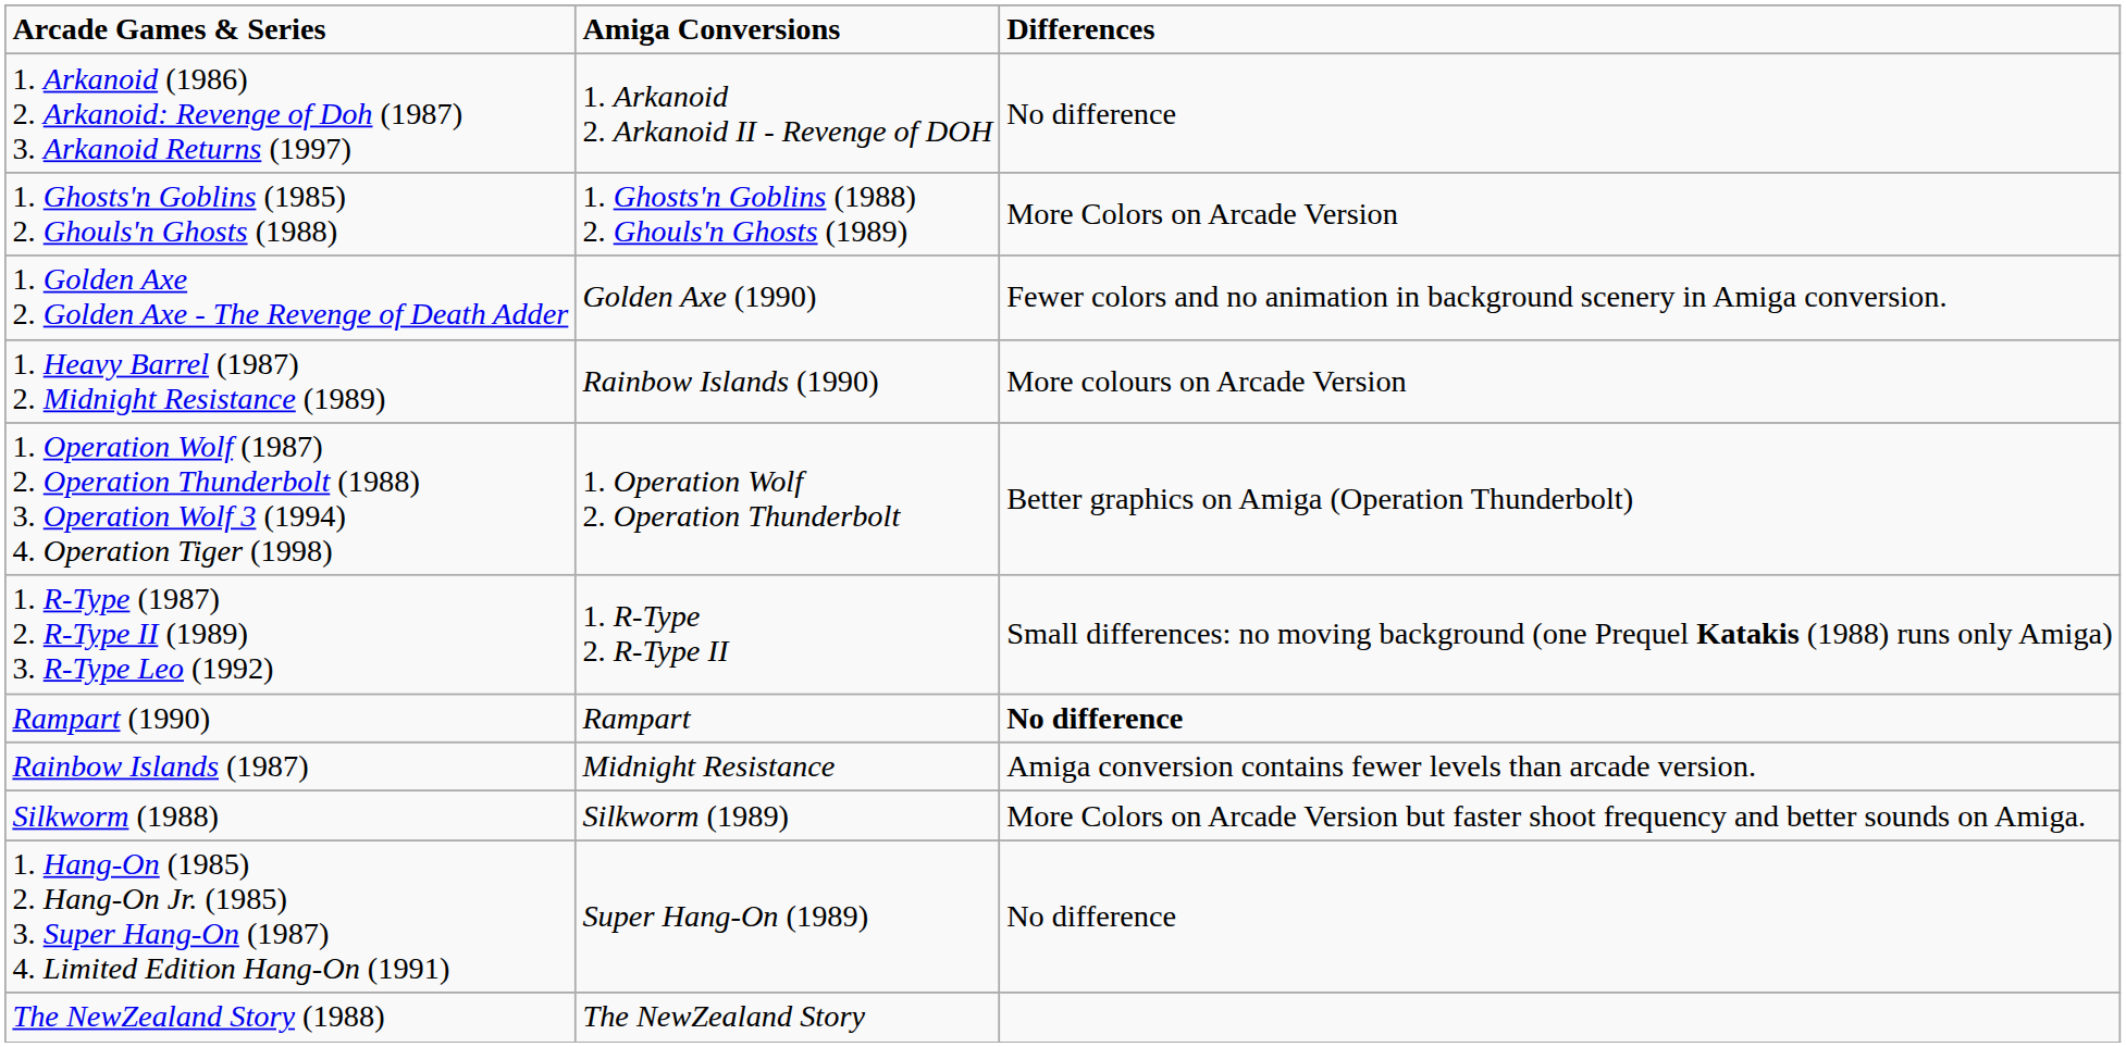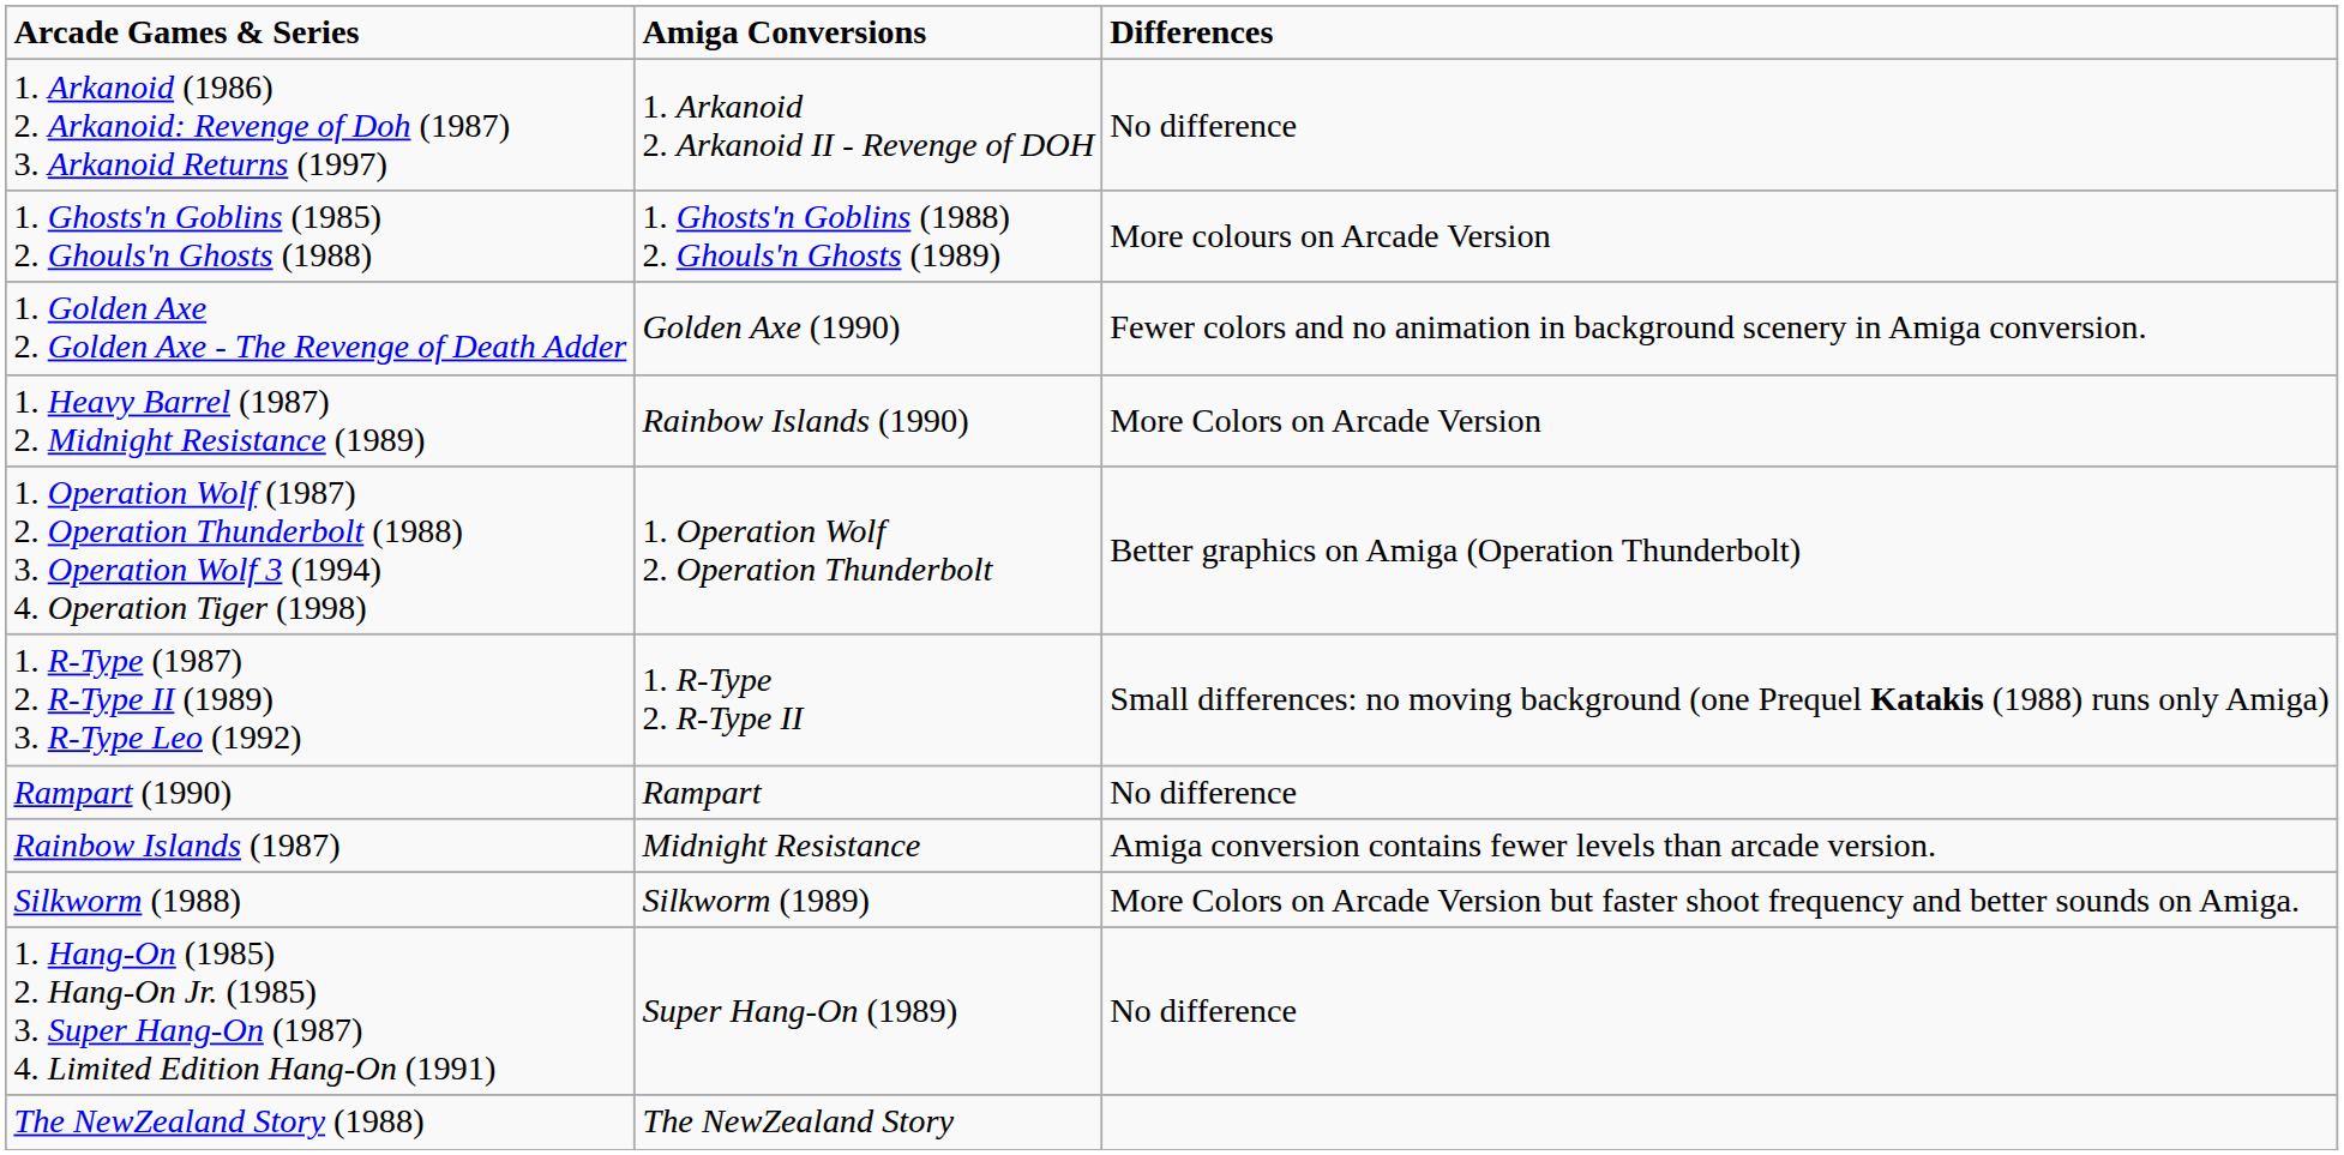 <table class="wikitable">
 <tr>
 <td><strong>Arcade Games & Series</strong></td>
 <td><strong>Amiga Conversions</strong></td>
 <td><strong>Differences</strong></td>
 </tr>
 <tr>
 <td>1. <em><a href='#'>Arkanoid</a></em> (1986)<br>2. <em><a href='#'>Arkanoid: Revenge of Doh</a></em> (1987)<br> 3. <em><a href='#'>Arkanoid Returns</a></em> (1997)</td>
 <td>1. <em>Arkanoid</em><br>2. <em>Arkanoid II - Revenge of DOH</em></td>
 <td>No difference</td>
 </tr>
 <tr>
 <td>1. <em><a href='#'>Ghosts'n Goblins</a></em> (1985)<br>2. <em><a href='#'>Ghouls'n Ghosts</a></em> (1988)</td>
 <td>1. <em><a href='#'>Ghosts'n Goblins</a></em> (1988)<br>2. <em><a href='#'>Ghouls'n Ghosts</a></em> (1989)</td>
-<td>More Colors on Arcade Version</td>
+<td>More colours on Arcade Version</td>
 </tr>
 <tr>
 <td>1. <em><a href='#'>Golden Axe</a></em><br>2. <em><a href='#'>Golden Axe - The Revenge of Death Adder</a></em></td>
 <td><em>Golden Axe</em> (1990)</td>
 <td>Fewer colors and no animation in background scenery in Amiga conversion.</td>
 </tr>
 <tr>
 <td>1. <em><a href='#'>Heavy Barrel</a></em> (1987)<br>2. <em><a href='#'>Midnight Resistance</a></em> (1989)</td>
 <td><em>Rainbow Islands</em> (1990)</td>
-<td>More colours on Arcade Version</td>
+<td>More Colors on Arcade Version</td>
 </tr>
 <tr>
 <td>1. <em><a href='#'>Operation Wolf</a></em> (1987)<br>2. <em><a href='#'>Operation Thunderbolt</a></em> (1988)<br>  3. <em><a href='#'>Operation Wolf 3</a></em> (1994)<br> 4. <em>Operation Tiger</em> (1998)<br></td>
 <td>1. <em>Operation Wolf</em><br>2. <em>Operation Thunderbolt</em></td>
 <td>Better graphics on Amiga (Operation Thunderbolt)</td>
 </tr>
 <tr>
 <td>1. <em><a href='#'>R-Type</a></em> (1987)<br>2. <em><a href='#'>R-Type II</a></em> (1989)<br> 3. <em><a href='#'>R-Type Leo</a></em> (1992)</td>
 <td>1. <em>R-Type</em><br>2. <em>R-Type II</em></td>
 <td>Small differences: no moving background (one Prequel <strong>Katakis</strong> (1988) runs only Amiga)</td>
 </tr>
 <tr>
 <td><em><a href='#'>Rampart</a></em> (1990)</td>
 <td><em>Rampart</em></td>
-<td><strong>No difference</strong></td>
+<td>No difference</td>
 </tr>
 <tr>
 <td><em><a href='#'>Rainbow Islands</a></em> (1987)</td>
 <td><em>Midnight Resistance</em></td>
 <td>Amiga conversion contains fewer levels than arcade version.</td>
 </tr>
 <tr>
 <td><em><a href='#'>Silkworm</a></em> (1988)</td>
 <td><em>Silkworm</em> (1989)</td>
 <td>More Colors on Arcade Version but faster shoot frequency and better sounds on Amiga.</td>
 </tr>
 <tr>
 <td>1. <em><a href='#'>Hang-On</a></em> (1985)<br>2. <em>Hang-On Jr.</em> (1985)<br> 3. <em><a href='#'>Super Hang-On</a></em> (1987)<br> 4. <em>Limited Edition Hang-On</em> (1991)</td>
 <td><em>Super Hang-On</em> (1989)</td>
 <td>No difference</td>
 </tr>
 <tr>
 <td><em><a href='#'>The NewZealand Story</a></em> (1988)</td>
 <td><em>The NewZealand Story</em></td>
 <td></td>
 </tr>
 <tr>
 </tr>
 </table>
